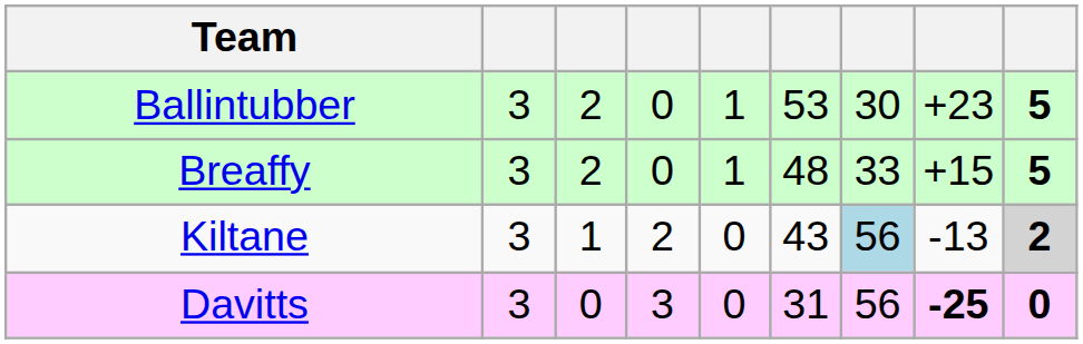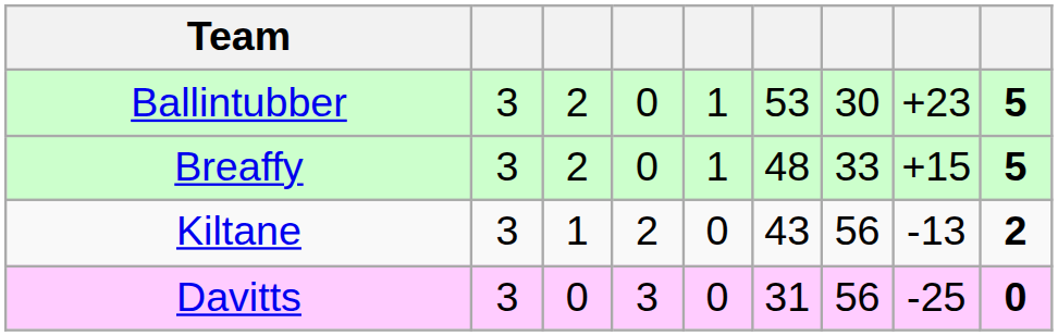 <table class="wikitable" style="text-align:center">
 <tr>
 <th style="width:175px;">Team</th>
 <th width="20"></th>
 <th width="20"></th>
 <th width="20"></th>
 <th width="20"></th>
 <th width="20"></th>
 <th width="20"></th>
 <th width="20"></th>
 <th width="20"></th>
 </tr>
 <tr style="background:#cfc;">
 <td><a href='#'>Ballintubber</a></td>
 <td>3</td>
 <td>2</td>
 <td>0</td>
 <td>1</td>
 <td>53</td>
 <td>30</td>
 <td>+23</td>
 <td><strong>5</strong></td>
 </tr>
 <tr style="background:#cfc;">
 <td><a href='#'>Breaffy</a></td>
 <td>3</td>
 <td>2</td>
 <td>0</td>
 <td>1</td>
 <td>48</td>
 <td>33</td>
 <td>+15</td>
 <td><strong>5</strong></td>
 </tr>
 <tr>
 <td><a href='#'>Kiltane</a></td>
 <td>3</td>
 <td>1</td>
 <td>2</td>
 <td>0</td>
 <td>43</td>
-<td style="background: lightblue;">56</td>
+<td>56</td>
 <td>-13</td>
-<td style="background: lightgrey;"><strong>2</strong></td>
+<td><strong>2</strong></td>
 </tr>
 <tr style="background:#fcf;">
 <td><a href='#'>Davitts</a></td>
 <td>3</td>
 <td>0</td>
 <td>3</td>
 <td>0</td>
 <td>31</td>
 <td>56</td>
-<td><strong>-25</strong></td>
+<td>-25</td>
 <td><strong>0</strong></td>
 </tr>
 </table>
